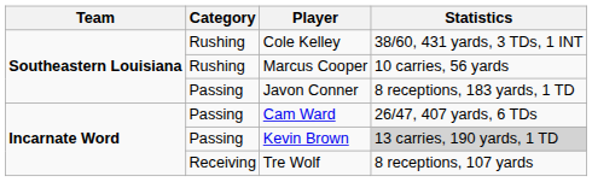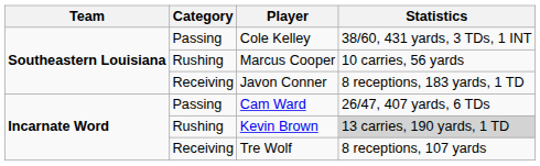 <table class="wikitable" style="float: left;">
 <tr>
 <th>Team</th>
 <th>Category</th>
 <th>Player</th>
 <th>Statistics</th>
 </tr>
 <tr>
 <td rowspan=3><strong>Southeastern Louisiana</strong></td>
-<td>Rushing</td>
+<td>Passing</td>
 <td>Cole Kelley</td>
 <td>38/60, 431 yards, 3 TDs, 1 INT</td>
 </tr>
 <tr>
 <td>Rushing</td>
 <td>Marcus Cooper</td>
 <td>10 carries, 56 yards</td>
 </tr>
 <tr>
-<td>Passing</td>
+<td>Receiving</td>
 <td>Javon Conner</td>
 <td>8 receptions, 183 yards, 1 TD</td>
 </tr>
 <tr>
 <td rowspan=3><strong>Incarnate Word</strong></td>
 <td>Passing</td>
 <td><a href='#'>Cam Ward</a></td>
 <td>26/47, 407 yards, 6 TDs</td>
 </tr>
 <tr>
-<td>Passing</td>
+<td>Rushing</td>
 <td><a href='#'>Kevin Brown</a></td>
 <td style="background: lightgrey;">13 carries, 190 yards, 1 TD</td>
 </tr>
 <tr>
 <td>Receiving</td>
 <td>Tre Wolf</td>
 <td>8 receptions, 107 yards</td>
 </tr>
 </table>
